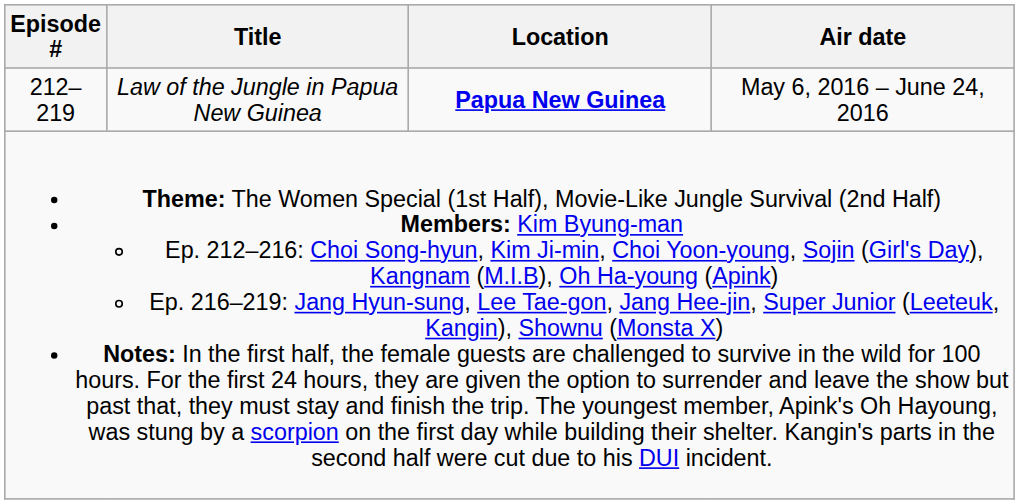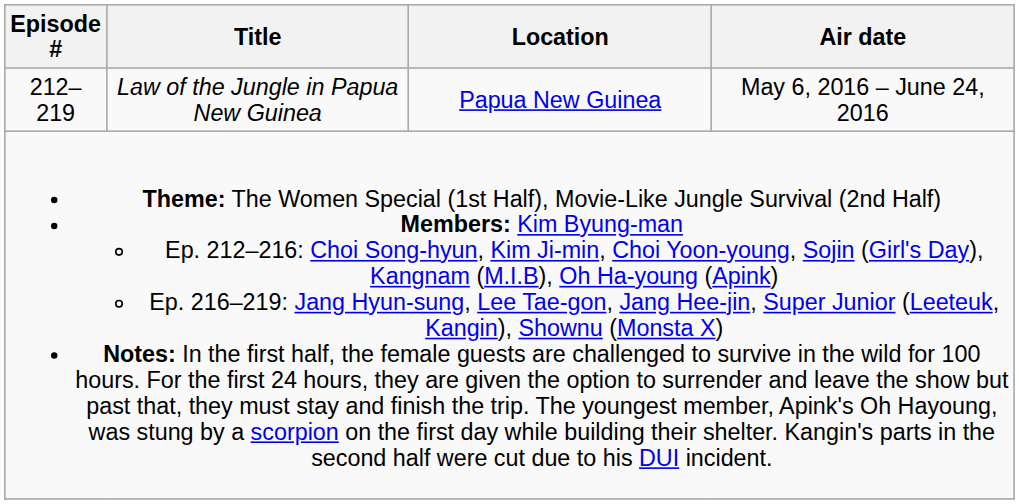 <table class="wikitable" style="text-align:center; font-size:90%; width:100%;">
 <tr>
 <th width="10%">Episode #</th>
 <th width="30%">Title</th>
 <th width="30%">Location</th>
 <th width="30%">Air date</th>
 </tr>
 <tr>
 <td>212–219</td>
 <td><em>Law of the Jungle in Papua New Guinea</em></td>
-<td><strong><a href='#'>Papua New Guinea</a></strong></td>
+<td><a href='#'>Papua New Guinea</a></td>
 <td>May 6, 2016 – June 24, 2016</td>
 </tr>
 <tr>
 <td colspan="4"><br><ul><li><strong>Theme:</strong> The Women Special (1st Half), Movie-Like Jungle Survival (2nd Half)</li><li><strong>Members:</strong> <a href='#'>Kim Byung-man</a><ul><li>Ep. 212–216: <a href='#'>Choi Song-hyun</a>, <a href='#'>Kim Ji-min</a>, <a href='#'>Choi Yoon-young</a>, <a href='#'>Sojin</a> (<a href='#'>Girl's Day</a>), <a href='#'>Kangnam</a> (<a href='#'>M.I.B</a>), <a href='#'>Oh Ha-young</a> (<a href='#'>Apink</a>)</li><li>Ep. 216–219: <a href='#'>Jang Hyun-sung</a>, <a href='#'>Lee Tae-gon</a>, <a href='#'>Jang Hee-jin</a>, <a href='#'>Super Junior</a> (<a href='#'>Leeteuk</a>, <a href='#'>Kangin</a>), <a href='#'>Shownu</a> (<a href='#'>Monsta X</a>)</li></ul></li><li><strong>Notes:</strong> In the first half, the female guests are challenged to survive in the wild for 100 hours. For the first 24 hours, they are given the option to surrender and leave the show but past that, they must stay and finish the trip. The youngest member, Apink's Oh Hayoung, was stung by a <a href='#'>scorpion</a> on the first day while building their shelter. Kangin's parts in the second half were cut due to his <a href='#'>DUI</a> incident.</li></ul></td>
 </tr>
 </table>
